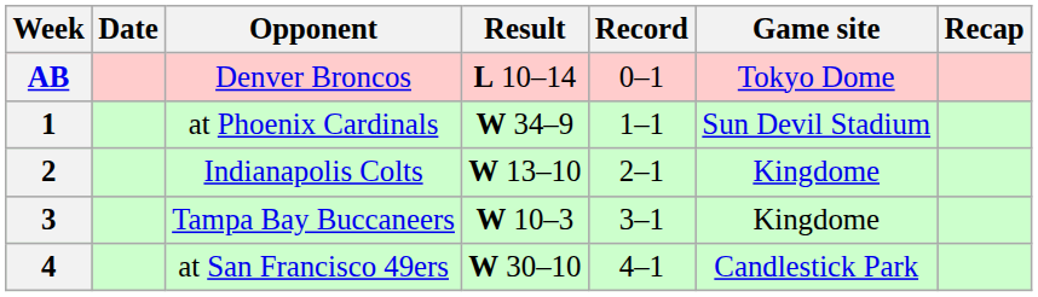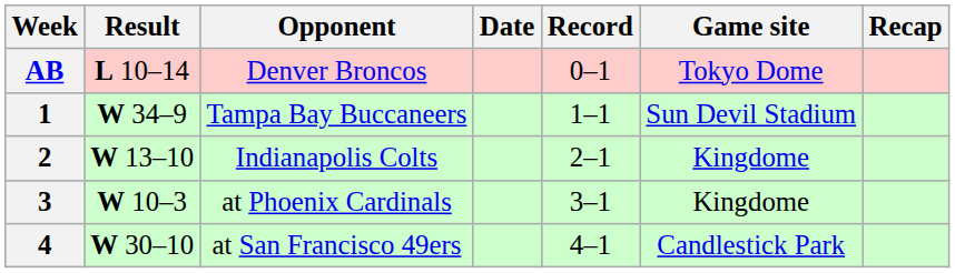 <table class="wikitable" style="text-align:center">
 <tr>
 <th>Week</th>
+<th>Result</th>
+<th>Opponent</th>
 <th>Date</th>
-<th>Opponent</th>
-<th>Result</th>
 <th>Record</th>
 <th>Game site</th>
 <th>Recap</th>
 </tr>
 <tr style="background:#fcc">
 <th><a href='#'>AB</a></th>
+<td><strong>L</strong> 10–14</td>
+<td><a href='#'>Denver Broncos</a></td>
 <td></td>
-<td><a href='#'>Denver Broncos</a></td>
-<td><strong>L</strong> 10–14</td>
 <td>0–1</td>
 <td> <a href='#'>Tokyo Dome</a> </td>
 <td></td>
 </tr>
 <tr style="background:#cfc">
 <th>1</th>
+<td><strong>W</strong> 34–9</td>
+<td><a href='#'>Tampa Bay Buccaneers</a></td>
 <td></td>
-<td>at <a href='#'>Phoenix Cardinals</a></td>
-<td><strong>W</strong> 34–9</td>
 <td>1–1</td>
 <td><a href='#'>Sun Devil Stadium</a></td>
 <td></td>
 </tr>
 <tr style="background:#cfc">
 <th>2</th>
+<td><strong>W</strong> 13–10</td>
+<td><a href='#'>Indianapolis Colts</a></td>
 <td></td>
-<td><a href='#'>Indianapolis Colts</a></td>
-<td><strong>W</strong> 13–10</td>
 <td>2–1</td>
 <td><a href='#'>Kingdome</a></td>
 <td></td>
 </tr>
 <tr style="background:#cfc">
 <th>3</th>
+<td><strong>W</strong> 10–3</td>
+<td>at <a href='#'>Phoenix Cardinals</a></td>
 <td></td>
-<td><a href='#'>Tampa Bay Buccaneers</a></td>
-<td><strong>W</strong> 10–3</td>
 <td>3–1</td>
 <td>Kingdome</td>
 <td></td>
 </tr>
 <tr style="background:#cfc">
 <th>4</th>
+<td><strong>W</strong> 30–10</td>
+<td>at <a href='#'>San Francisco 49ers</a></td>
 <td></td>
-<td>at <a href='#'>San Francisco 49ers</a></td>
-<td><strong>W</strong> 30–10</td>
 <td>4–1</td>
 <td><a href='#'>Candlestick Park</a></td>
 <td></td>
 </tr>
 </table>
